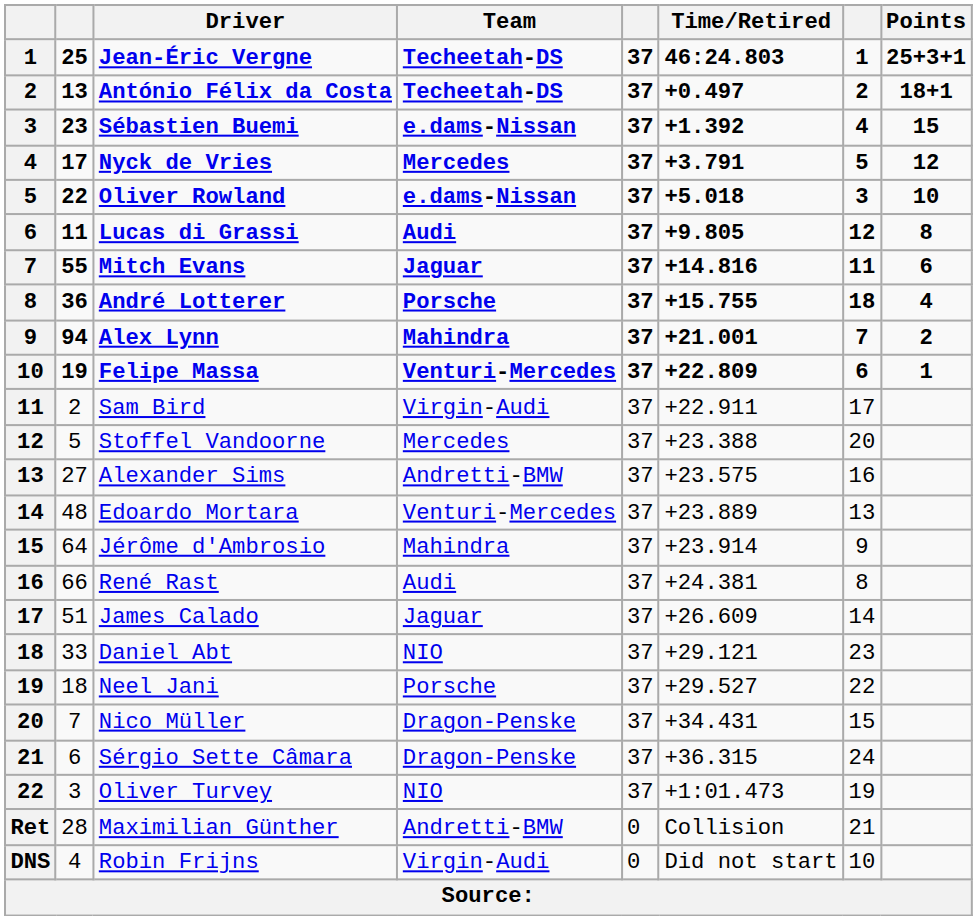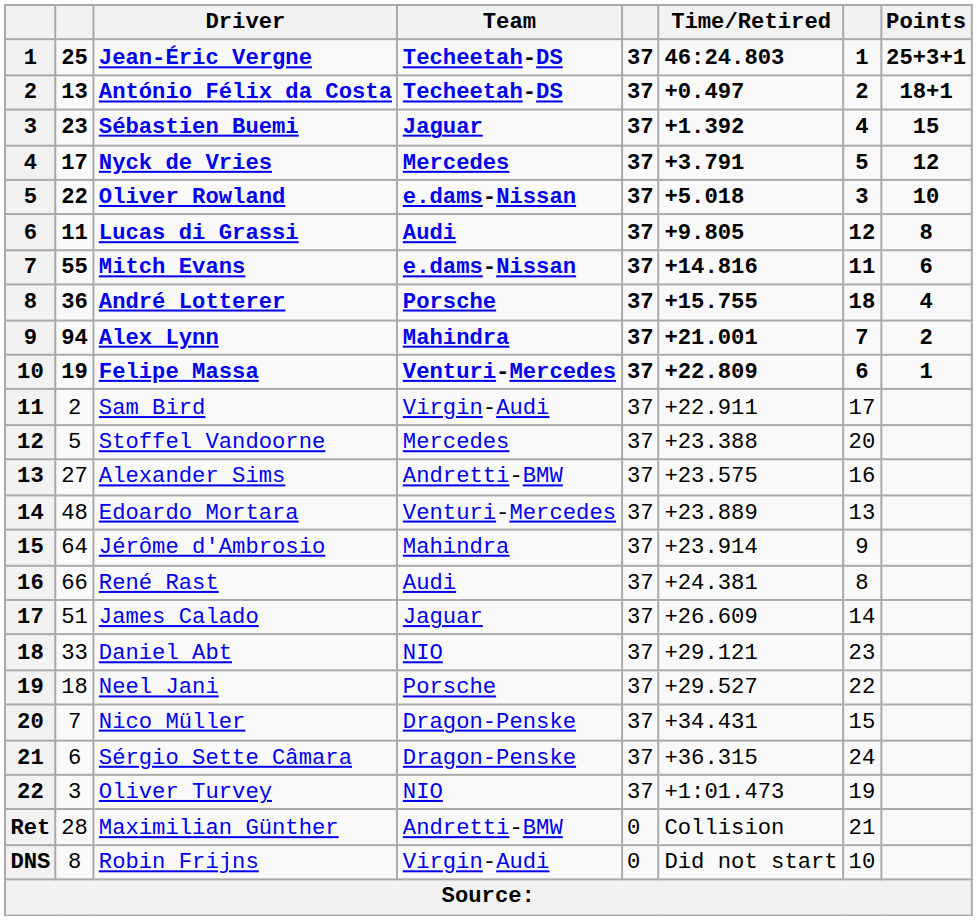 <table class="wikitable" style="font-size: 85%">
 <tr>
 <th scope="col"></th>
 <th scope="col"></th>
 <th scope="col">Driver</th>
 <th scope="col">Team</th>
 <th scope="col"></th>
 <th scope="col">Time/Retired</th>
 <th scope="col"></th>
 <th scope="col">Points</th>
 </tr>
 <tr style="font-weight:bold">
 <th scope="row">1</th>
 <td align="center">25</td>
 <td data-sort-value="VER"> <a href='#'>Jean-Éric Vergne</a></td>
 <td><a href='#'>Techeetah</a>-<a href='#'>DS</a></td>
 <td>37</td>
 <td>46:24.803</td>
 <td align="center">1</td>
 <td align="center">25+3+1</td>
 </tr>
 <tr style="font-weight:bold">
 <th scope="row">2</th>
 <td align="center">13</td>
 <td data-sort-value="COS"> <a href='#'>António Félix da Costa</a></td>
 <td><a href='#'>Techeetah</a>-<a href='#'>DS</a></td>
 <td>37</td>
 <td>+0.497</td>
 <td align="center">2</td>
 <td align="center">18+1</td>
 </tr>
 <tr style="font-weight:bold">
 <th scope="row">3</th>
 <td align="center">23</td>
 <td data-sort-value="BUE"> <a href='#'>Sébastien Buemi</a></td>
-<td><a href='#'>e.dams</a>-<a href='#'>Nissan</a></td>
+<td><a href='#'>Jaguar</a></td>
 <td>37</td>
 <td>+1.392</td>
 <td align="center">4</td>
 <td align="center">15</td>
 </tr>
 <tr style="font-weight:bold">
 <th scope="row">4</th>
 <td align="center">17</td>
 <td data-sort-value="DEV"> <a href='#'>Nyck de Vries</a></td>
 <td><a href='#'>Mercedes</a></td>
 <td>37</td>
 <td>+3.791</td>
 <td align="center">5</td>
 <td align="center">12</td>
 </tr>
 <tr style="font-weight:bold">
 <th scope="row">5</th>
 <td align="center">22</td>
 <td data-sort-value="ROW"> <a href='#'>Oliver Rowland</a></td>
 <td><a href='#'>e.dams</a>-<a href='#'>Nissan</a></td>
 <td>37</td>
 <td>+5.018</td>
 <td align="center">3</td>
 <td align="center">10</td>
 </tr>
 <tr style="font-weight:bold">
 <th scope="row">6</th>
 <td align="center">11</td>
 <td data-sort-value="DIG"> <a href='#'>Lucas di Grassi</a></td>
 <td><a href='#'>Audi</a></td>
 <td>37</td>
 <td>+9.805</td>
 <td align="center">12</td>
 <td align="center">8</td>
 </tr>
 <tr style="font-weight:bold">
 <th scope="row">7</th>
 <td align="center">55</td>
 <td data-sort-value="EVA"> <a href='#'>Mitch Evans</a></td>
-<td><a href='#'>Jaguar</a></td>
+<td><a href='#'>e.dams</a>-<a href='#'>Nissan</a></td>
 <td>37</td>
 <td>+14.816</td>
 <td align="center">11</td>
 <td align="center">6</td>
 </tr>
 <tr style="font-weight:bold">
 <th scope="row">8</th>
 <td align="center">36</td>
 <td data-sort-value="LOT"> <a href='#'>André Lotterer</a></td>
 <td><a href='#'>Porsche</a></td>
 <td>37</td>
 <td>+15.755</td>
 <td align="center">18</td>
 <td align="center">4</td>
 </tr>
 <tr style="font-weight:bold">
 <th scope="row">9</th>
 <td align="center">94</td>
 <td data-sort-value="LYN"> <a href='#'>Alex Lynn</a></td>
 <td><a href='#'>Mahindra</a></td>
 <td>37</td>
 <td>+21.001</td>
 <td align="center">7</td>
 <td align="center">2</td>
 </tr>
 <tr style="font-weight:bold">
 <th scope="row">10</th>
 <td align="center">19</td>
 <td data-sort-value="MAS"> <a href='#'>Felipe Massa</a></td>
 <td><a href='#'>Venturi</a>-<a href='#'>Mercedes</a></td>
 <td>37</td>
 <td>+22.809</td>
 <td align="center">6</td>
 <td align="center">1</td>
 </tr>
 <tr>
 <th scope="row">11</th>
 <td align="center">2</td>
 <td data-sort-value="BIR"> <a href='#'>Sam Bird</a></td>
 <td><a href='#'>Virgin</a>-<a href='#'>Audi</a></td>
 <td>37</td>
 <td>+22.911</td>
 <td align="center">17</td>
 <td></td>
 </tr>
 <tr>
 <th scope="row">12</th>
 <td align="center">5</td>
 <td data-sort-value="VAN"> <a href='#'>Stoffel Vandoorne</a></td>
 <td><a href='#'>Mercedes</a></td>
 <td>37</td>
 <td>+23.388</td>
 <td align="center">20</td>
 <td></td>
 </tr>
 <tr>
 <th scope="row">13</th>
 <td align="center">27</td>
 <td data-sort-value="SIM"> <a href='#'>Alexander Sims</a></td>
 <td><a href='#'>Andretti</a>-<a href='#'>BMW</a></td>
 <td>37</td>
 <td>+23.575</td>
 <td align="center">16</td>
 <td></td>
 </tr>
 <tr>
 <th scope="row">14</th>
 <td align="center">48</td>
 <td data-sort-value="MOR"> <a href='#'>Edoardo Mortara</a></td>
 <td><a href='#'>Venturi</a>-<a href='#'>Mercedes</a></td>
 <td>37</td>
 <td>+23.889</td>
 <td align="center">13</td>
 <td></td>
 </tr>
 <tr>
 <th scope="row">15</th>
 <td align="center">64</td>
 <td data-sort-value="DAM"> <a href='#'>Jérôme d'Ambrosio</a></td>
 <td><a href='#'>Mahindra</a></td>
 <td>37</td>
 <td>+23.914</td>
 <td align="center">9</td>
 <td></td>
 </tr>
 <tr>
 <th scope="row">16</th>
 <td align="center">66</td>
 <td data-sort-value="RAS"> <a href='#'>René Rast</a></td>
 <td><a href='#'>Audi</a></td>
 <td>37</td>
 <td>+24.381</td>
 <td align="center">8</td>
 <td></td>
 </tr>
 <tr>
 <th scope="row">17</th>
 <td align="center">51</td>
 <td data-sort-value="CAL"> <a href='#'>James Calado</a></td>
 <td><a href='#'>Jaguar</a></td>
 <td>37</td>
 <td>+26.609</td>
 <td align="center">14</td>
 <td></td>
 </tr>
 <tr>
 <th scope="row">18</th>
 <td align="center">33</td>
 <td data-sort-value="ABT"> <a href='#'>Daniel Abt</a></td>
 <td><a href='#'>NIO</a></td>
 <td>37</td>
 <td>+29.121</td>
 <td align="center">23</td>
 <td></td>
 </tr>
 <tr>
 <th scope="row">19</th>
 <td align="center">18</td>
 <td data-sort-value="JAN"> <a href='#'>Neel Jani</a></td>
 <td><a href='#'>Porsche</a></td>
 <td>37</td>
 <td>+29.527</td>
 <td align="center">22</td>
 <td></td>
 </tr>
 <tr>
 <th scope="row">20</th>
 <td align="center">7</td>
 <td data-sort-value="MUL"> <a href='#'>Nico Müller</a></td>
 <td><a href='#'>Dragon-Penske</a></td>
 <td>37</td>
 <td>+34.431</td>
 <td align="center">15</td>
 <td></td>
 </tr>
 <tr>
 <th scope="row">21</th>
 <td align="center">6</td>
 <td data-sort-value="SET"> <a href='#'>Sérgio Sette Câmara</a></td>
 <td><a href='#'>Dragon-Penske</a></td>
 <td>37</td>
 <td>+36.315</td>
 <td align="center">24</td>
 <td></td>
 </tr>
 <tr>
 <th scope="row">22</th>
 <td align="center">3</td>
 <td data-sort-value="TUR"> <a href='#'>Oliver Turvey</a></td>
 <td><a href='#'>NIO</a></td>
 <td>37</td>
 <td>+1:01.473</td>
 <td align="center">19</td>
 <td></td>
 </tr>
 <tr>
 <th scope="row">Ret</th>
 <td align="center">28</td>
 <td data-sort-value="GUN"> <a href='#'>Maximilian Günther</a></td>
 <td><a href='#'>Andretti</a>-<a href='#'>BMW</a></td>
 <td>0</td>
 <td>Collision</td>
 <td align="center">21</td>
 <td></td>
 </tr>
 <tr>
 <th scope="row">DNS</th>
-<td align="center">4</td>
+<td align="center">8</td>
 <td data-sort-value="FRI"> <a href='#'>Robin Frijns</a></td>
 <td><a href='#'>Virgin</a>-<a href='#'>Audi</a></td>
 <td>0</td>
 <td>Did not start</td>
 <td align="center">10</td>
 <td></td>
 </tr>
 <tr>
 <th colspan=8>Source:</th>
 </tr>
 </table>
